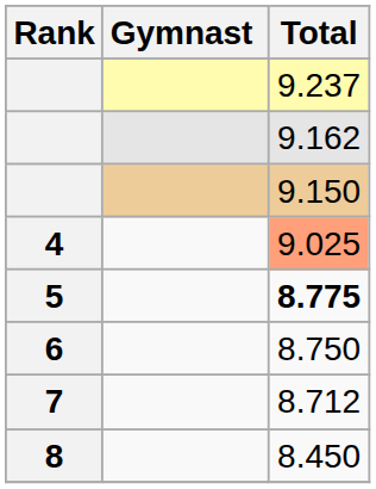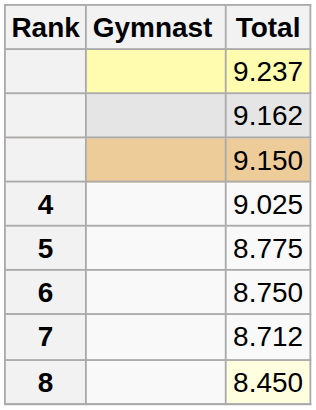 <table class="wikitable sortable" style="text-align:center; font-size:95%">
 <tr>
 <th scope=col>Rank</th>
 <th scope=col>Gymnast </th>
 <th scope=col>Total</th>
 </tr>
 <tr bgcolor=fffcaf>
 <th scope=row style="text-align:center"></th>
 <td align=left> </td>
 <td>9.237</td>
 </tr>
 <tr bgcolor=e5e5e5>
 <th scope=row style="text-align:center"></th>
 <td align=left> </td>
 <td>9.162</td>
 </tr>
 <tr bgcolor=eecc99>
 <th scope=row style="text-align:center"></th>
 <td align=left> </td>
 <td>9.150</td>
 </tr>
 <tr>
 <th scope=row style="text-align:center">4</th>
 <td align=left> </td>
-<td style="background: lightsalmon;">9.025</td>
+<td>9.025</td>
 </tr>
 <tr>
 <th scope=row style="text-align:center">5</th>
 <td align=left> </td>
-<td><strong>8.775</strong></td>
+<td>8.775</td>
 </tr>
 <tr>
 <th scope=row style="text-align:center">6</th>
 <td align=left> </td>
 <td>8.750</td>
 </tr>
 <tr>
 <th scope=row style="text-align:center">7</th>
 <td align=left> </td>
 <td>8.712</td>
 </tr>
 <tr>
 <th scope=row style="text-align:center">8</th>
 <td align=left> </td>
-<td>8.450</td>
+<td style="background: lightyellow;">8.450</td>
 </tr>
 <tr>
 </tr>
 </table>
